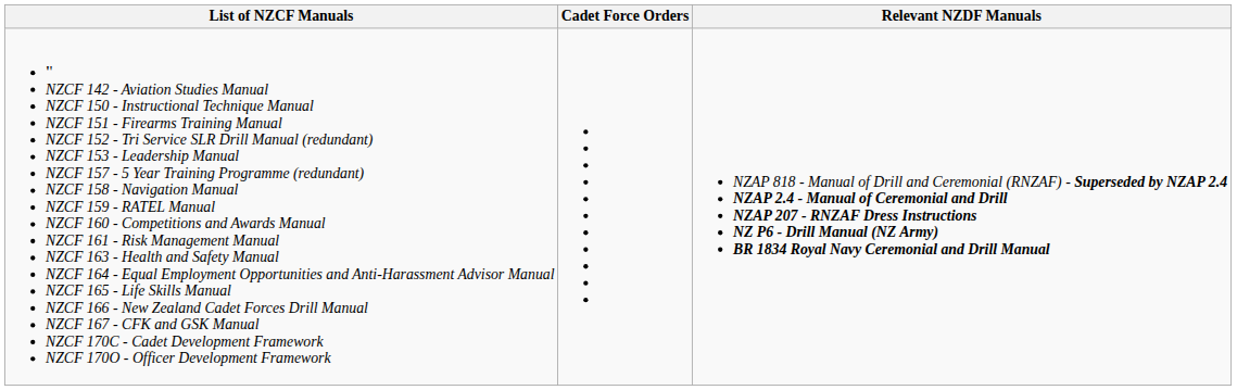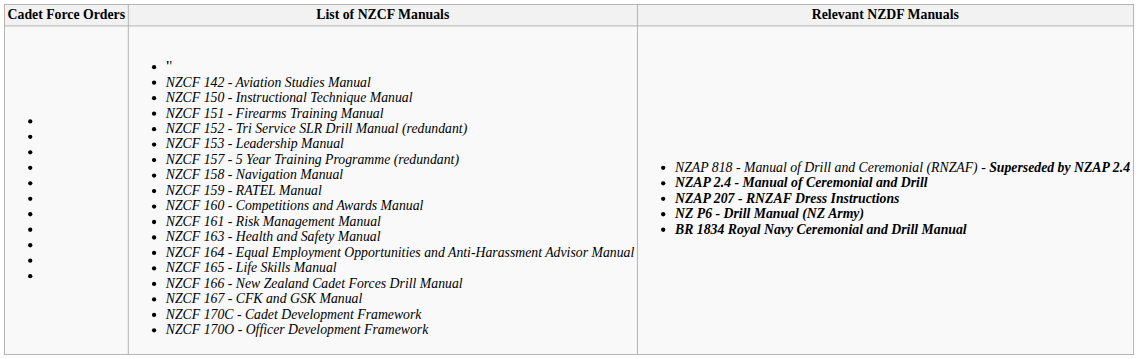 <table class="wikitable">
 <tr>
+<th>Cadet Force Orders</th>
 <th><strong>List of NZCF Manuals</strong></th>
-<th>Cadet Force Orders</th>
 <th><strong>Relevant NZDF Manuals</strong></th>
 </tr>
 <tr>
+<td><br><ul><li></li><li></li><li></li><li></li><li></li><li></li><li></li><li></li><li></li><li></li><li></li></ul></td>
 <td><br><ul><li><strong>'</strong>'</li><li><em>NZCF 142 - Aviation Studies Manual</em></li><li><em>NZCF 150 - Instructional Technique Manual</em></li><li><em>NZCF 151 - Firearms Training Manual</em></li><li><em>NZCF 152 - Tri Service SLR Drill Manual (redundant)</em></li><li><em>NZCF 153 - Leadership Manual</em></li><li><em>NZCF 157 - 5 Year Training Programme (redundant)</em></li><li><em>NZCF 158 - Navigation Manual</em></li><li><em>NZCF 159 - RATEL Manual</em></li><li><em>NZCF 160 - Competitions and Awards Manual</em></li><li><em>NZCF 161 - Risk Management Manual</em></li><li><em>NZCF 163 - Health and Safety Manual</em></li><li><em>NZCF 164 - Equal Employment Opportunities and Anti-Harassment Advisor Manual</em></li><li><em>NZCF 165 - Life Skills Manual</em></li><li><em>NZCF 166 - New Zealand Cadet Forces Drill Manual</em></li><li><em>NZCF 167 - CFK and GSK Manual</em></li><li><em>NZCF 170C - Cadet Development Framework</em></li><li><em>NZCF 170O - Officer Development Framework</em></li></ul></td>
-<td><br><ul><li></li><li></li><li></li><li></li><li></li><li></li><li></li><li></li><li></li><li></li><li></li></ul></td>
 <td><br><ul><li><em>NZAP 818 - Manual of Drill and Ceremonial (RNZAF) - <strong>Superseded by NZAP 2.4<strong><em></li><li></em>NZAP 2.4 - Manual of Ceremonial and Drill<em></li><li></em>NZAP 207 - RNZAF Dress Instructions<em></li><li></em>NZ P6 - Drill Manual (NZ Army)<em></li><li></em>BR 1834 Royal Navy Ceremonial and Drill Manual<em></li></ul></td>
 </tr>
 </table>
